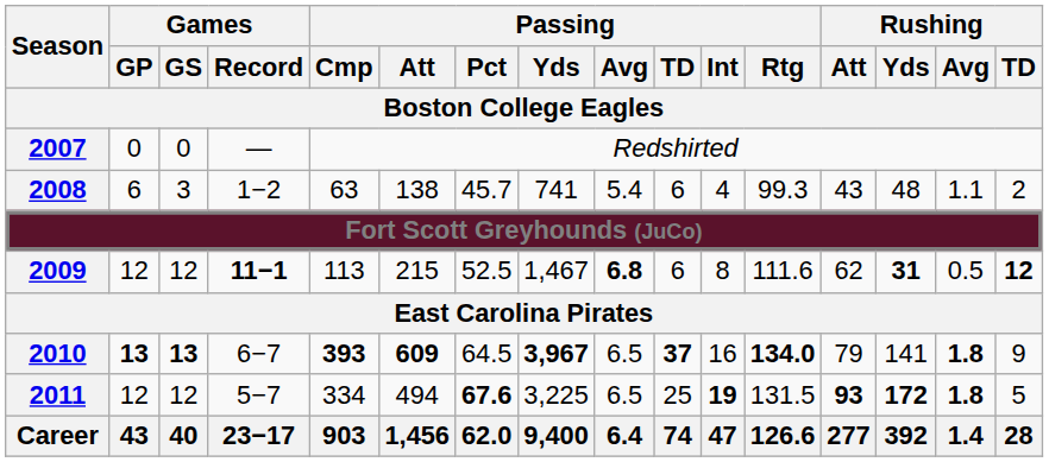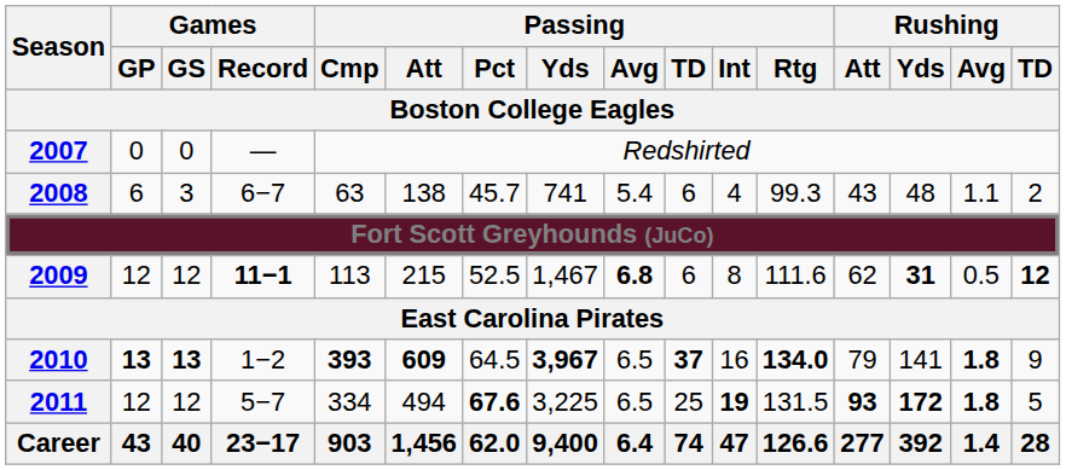 <table class="wikitable" style="text-align:center;">
 <tr>
 <th rowspan="2">Season</th>
 <th colspan="3">Games</th>
 <th colspan="8">Passing</th>
 <th colspan="5">Rushing</th>
 </tr>
 <tr>
 <th>GP</th>
 <th>GS</th>
 <th>Record</th>
 <th>Cmp</th>
 <th>Att</th>
 <th>Pct</th>
 <th>Yds</th>
 <th>Avg</th>
 <th>TD</th>
 <th>Int</th>
 <th>Rtg</th>
 <th>Att</th>
 <th>Yds</th>
 <th>Avg</th>
 <th>TD</th>
 </tr>
 <tr>
 <th colspan="16">Boston College Eagles</th>
 </tr>
 <tr>
 <th><a href='#'>2007</a></th>
 <td>0</td>
 <td>0</td>
 <td>—</td>
 <td colspan="12"><em>Redshirted</em></td>
 </tr>
 <tr>
 <th><a href='#'>2008</a></th>
 <td>6</td>
 <td>3</td>
-<td>1−2</td>
+<td>6−7</td>
 <td>63</td>
 <td>138</td>
 <td>45.7</td>
 <td>741</td>
 <td>5.4</td>
 <td>6</td>
 <td>4</td>
 <td>99.3</td>
 <td>43</td>
 <td>48</td>
 <td>1.1</td>
 <td>2</td>
 </tr>
 <tr>
 <th colspan="16" style="background-color:#5a122b;color:#808080;box-shadow: inset 2px 2px 0 #808080, inset -2px -2px 0 #808080;">Fort Scott Greyhounds <small>(JuCo)</small></th>
 </tr>
 <tr>
 <th><a href='#'>2009</a></th>
 <td>12</td>
 <td>12</td>
 <td><strong>11−1</strong></td>
 <td>113</td>
 <td>215</td>
 <td>52.5</td>
 <td>1,467</td>
 <td><strong>6.8</strong></td>
 <td>6</td>
 <td>8</td>
 <td>111.6</td>
 <td>62</td>
 <td><strong>31</strong></td>
 <td>0.5</td>
 <td><strong>12</strong></td>
 </tr>
 <tr>
 <th colspan="16">East Carolina Pirates</th>
 </tr>
 <tr>
 <th><a href='#'>2010</a></th>
 <td><strong>13</strong></td>
 <td><strong>13</strong></td>
-<td>6−7</td>
+<td>1−2</td>
 <td><strong>393</strong></td>
 <td><strong>609</strong></td>
 <td>64.5</td>
 <td><strong>3,967</strong></td>
 <td>6.5</td>
 <td><strong>37</strong></td>
 <td>16</td>
 <td><strong>134.0</strong></td>
 <td>79</td>
 <td>141</td>
 <td><strong>1.8</strong></td>
 <td>9</td>
 </tr>
 <tr>
 <th><a href='#'>2011</a></th>
 <td>12</td>
 <td>12</td>
 <td>5−7</td>
 <td>334</td>
 <td>494</td>
 <td><strong>67.6</strong></td>
 <td>3,225</td>
 <td>6.5</td>
 <td>25</td>
 <td><strong>19</strong></td>
 <td>131.5</td>
 <td><strong>93</strong></td>
 <td><strong>172</strong></td>
 <td><strong>1.8</strong></td>
 <td>5</td>
 </tr>
 <tr>
 <th>Career</th>
 <th>43</th>
 <th>40</th>
 <th>23−17</th>
 <th>903</th>
 <th>1,456</th>
 <th>62.0</th>
 <th>9,400</th>
 <th>6.4</th>
 <th>74</th>
 <th>47</th>
 <th>126.6</th>
 <th>277</th>
 <th>392</th>
 <th>1.4</th>
 <th>28</th>
 </tr>
 </table>
